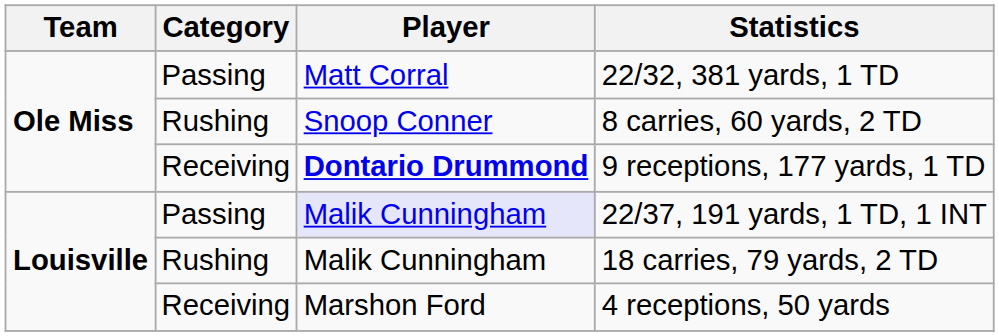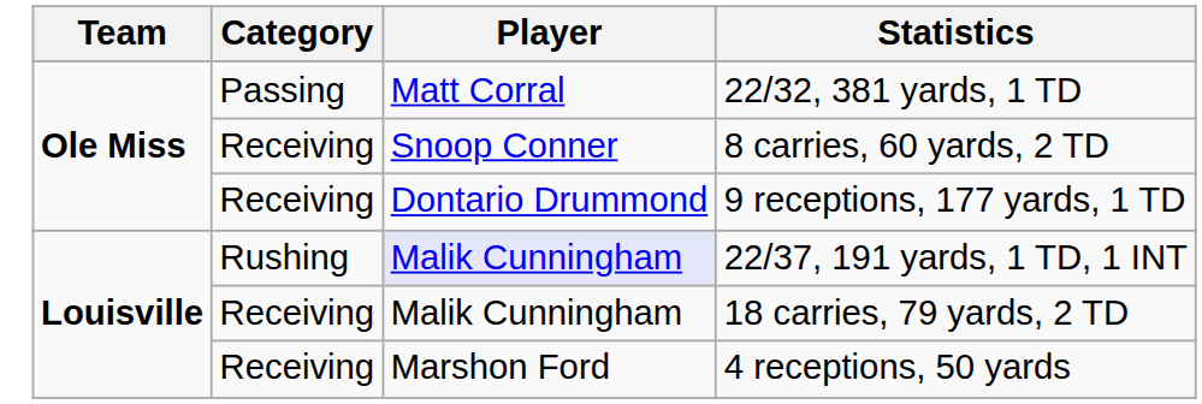 <table class="wikitable" style="float: right;">
 <tr>
 <th>Team</th>
 <th>Category</th>
 <th>Player</th>
 <th>Statistics</th>
 </tr>
 <tr>
 <td rowspan=3><strong>Ole Miss</strong></td>
 <td>Passing</td>
 <td><a href='#'>Matt Corral</a></td>
 <td>22/32, 381 yards, 1 TD</td>
 </tr>
 <tr>
-<td>Rushing</td>
+<td>Receiving</td>
 <td><a href='#'>Snoop Conner</a></td>
 <td>8 carries, 60 yards, 2 TD</td>
 </tr>
 <tr>
 <td>Receiving</td>
-<td><strong><a href='#'>Dontario Drummond</a></strong></td>
+<td><a href='#'>Dontario Drummond</a></td>
 <td>9 receptions, 177 yards, 1 TD</td>
 </tr>
 <tr>
 <td rowspan=3><strong>Louisville</strong></td>
-<td>Passing</td>
+<td>Rushing</td>
 <td style="background: lavender;"><a href='#'>Malik Cunningham</a></td>
 <td>22/37, 191 yards, 1 TD, 1 INT</td>
 </tr>
 <tr>
-<td>Rushing</td>
+<td>Receiving</td>
 <td>Malik Cunningham</td>
 <td>18 carries, 79 yards, 2 TD</td>
 </tr>
 <tr>
 <td>Receiving</td>
 <td>Marshon Ford</td>
 <td>4 receptions, 50 yards</td>
 </tr>
 </table>
